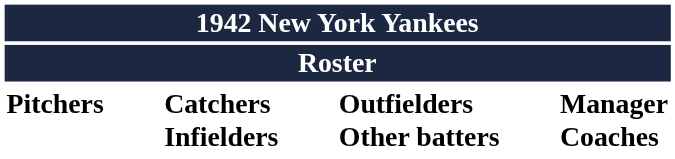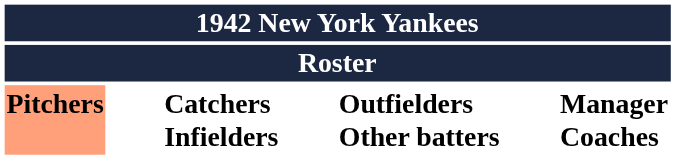 <table class="toccolours" style="font-size: 95%;">
 <tr>
 <th colspan="10" style="background-color: #1c2841; color: white; text-align: center;">1942 New York Yankees</th>
 </tr>
 <tr>
 <td colspan="10" style="background-color: #1c2841; color: white; text-align: center;"><strong>Roster</strong></td>
 </tr>
 <tr>
-<td valign="top"><strong>Pitchers</strong><br>            </td>
+<td valign="top" style="background: lightsalmon;"><strong>Pitchers</strong><br>            </td>
 <td width="25px"></td>
 <td valign="top"><strong>Catchers</strong><br>    <strong>Infielders</strong>       </td>
 <td width="25px"></td>
 <td valign="top"><strong>Outfielders</strong><br>      <strong>Other batters</strong> </td>
 <td width="25px"></td>
 <td valign="top"><strong>Manager</strong><br> <strong>Coaches</strong>    </td>
 </tr>
 </table>
